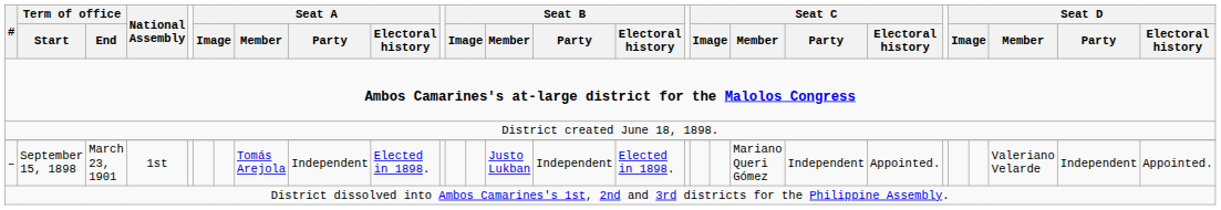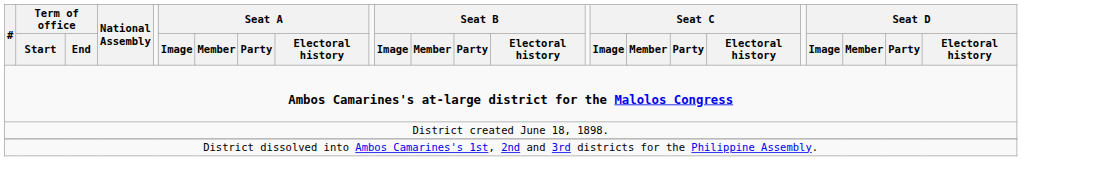 <table class=wikitable>
 <tr>
 <th rowspan=2>#</th>
 <th colspan=2>Term of office</th>
 <th rowspan=2>National<br>Assembly</th>
 <td rowspan=2></td>
 <th colspan=5>Seat A</th>
 <td rowspan=2></td>
 <th colspan=5>Seat B</th>
 <td rowspan=2></td>
 <th colspan=5>Seat C</th>
 <td rowspan=2></td>
 <th colspan=5>Seat D</th>
 </tr>
 <tr style="height:3em">
 <th>Start</th>
 <th>End</th>
 <th colspan="2" style="text-align:center;">Image</th>
 <th>Member</th>
 <th>Party</th>
 <th>Electoral history</th>
 <th colspan="2" style="text-align:center;">Image</th>
 <th>Member</th>
 <th>Party</th>
 <th>Electoral history</th>
 <th colspan="2" style="text-align:center;">Image</th>
 <th>Member</th>
 <th>Party</th>
 <th>Electoral history</th>
 <th colspan="2" style="text-align:center;">Image</th>
 <th>Member</th>
 <th>Party</th>
 <th>Electoral history</th>
 </tr>
 <tr>
 <td colspan="28" style="text-align:center;"><br><h3>Ambos Camarines's at-large district for the <a href='#'>Malolos Congress</a></h3></td>
 </tr>
 <tr>
 <td colspan="28" style="text-align:center;">District created June 18, 1898.</td>
 </tr>
 <tr>
 </tr>
-<tr style="height:3em">
-<td style="text-align:center;">–</td>
-<td>September 15, 1898</td>
-<td>March 23, 1901</td>
-<td style="text-align:center;">1st</td>
-<td></td>
-<td style="background:"></td>
-<td></td>
-<td><a href='#'>Tomás Arejola</a></td>
-<td>Independent</td>
-<td><a href='#'>Elected in 1898</a>.</td>
-<td></td>
-<td style="background:"></td>
-<td></td>
-<td><a href='#'>Justo Lukban</a></td>
-<td>Independent</td>
-<td><a href='#'>Elected in 1898</a>.</td>
-<td></td>
-<td style="background:"></td>
-<td></td>
-<td>Mariano Queri Gómez</td>
-<td>Independent</td>
-<td>Appointed.</td>
-<td></td>
-<td style="background:"></td>
-<td></td>
-<td>Valeriano Velarde</td>
-<td>Independent</td>
-<td>Appointed.</td>
-</tr>
 <tr>
 <td colspan="28" style="text-align:center;">District dissolved into <a href='#'>Ambos Camarines's 1st</a>, <a href='#'>2nd</a> and <a href='#'>3rd</a> districts for the <a href='#'>Philippine Assembly</a>.</td>
 </tr>
 </table>
